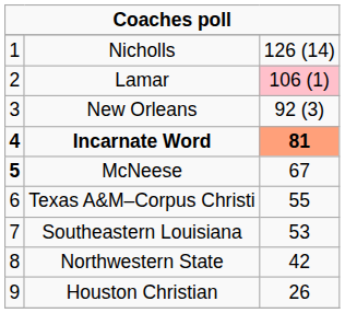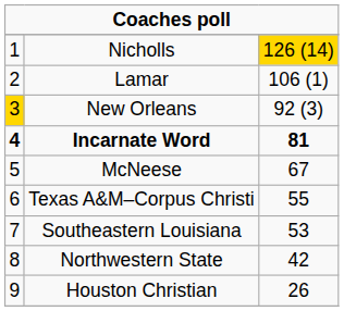 <table class="wikitable">
 <tr align="center">
 <td align="center" Colspan="3"><strong>Coaches poll</strong></td>
 </tr>
 <tr align="center">
 </tr>
 <tr align="center">
 <td>1</td>
 <td>Nicholls</td>
-<td>126 (14)</td>
+<td style="background: gold;">126 (14)</td>
 </tr>
 <tr align="center">
 <td>2</td>
 <td>Lamar</td>
-<td style="background: pink;">106 (1)</td>
+<td>106 (1)</td>
 </tr>
 <tr align="center">
-<td>3</td>
+<td style="background: gold;">3</td>
 <td>New Orleans</td>
 <td>92 (3)</td>
 </tr>
 <tr align="center">
 <td><strong>4</strong></td>
 <td><strong>Incarnate Word</strong></td>
-<td style="background: lightsalmon;"><strong>81</strong></td>
+<td><strong>81</strong></td>
 </tr>
 <tr align="center">
-<td><strong>5</strong></td>
+<td>5</td>
 <td>McNeese</td>
 <td>67</td>
 </tr>
 <tr align="center">
 <td>6</td>
 <td>Texas A&M–Corpus Christi</td>
 <td>55</td>
 </tr>
 <tr align="center">
 <td>7</td>
 <td>Southeastern Louisiana</td>
 <td>53</td>
 </tr>
 <tr align="center">
 <td>8</td>
 <td>Northwestern State</td>
 <td>42</td>
 </tr>
 <tr align="center">
 <td>9</td>
 <td>Houston Christian</td>
 <td>26</td>
 </tr>
 <tr align="center">
 </tr>
 </table>
